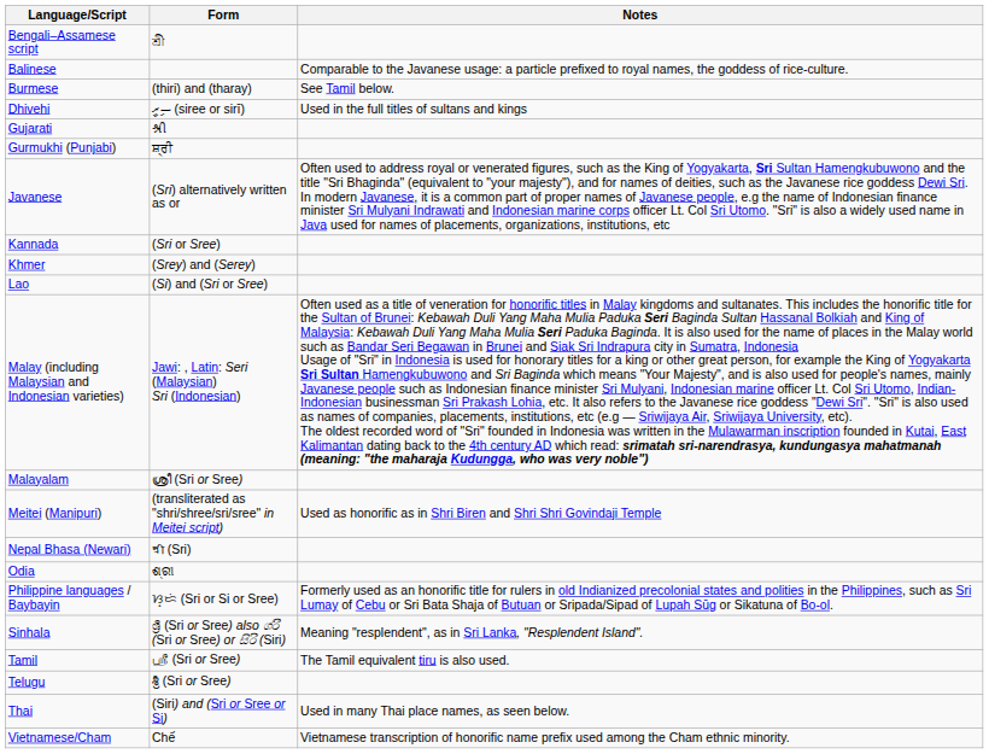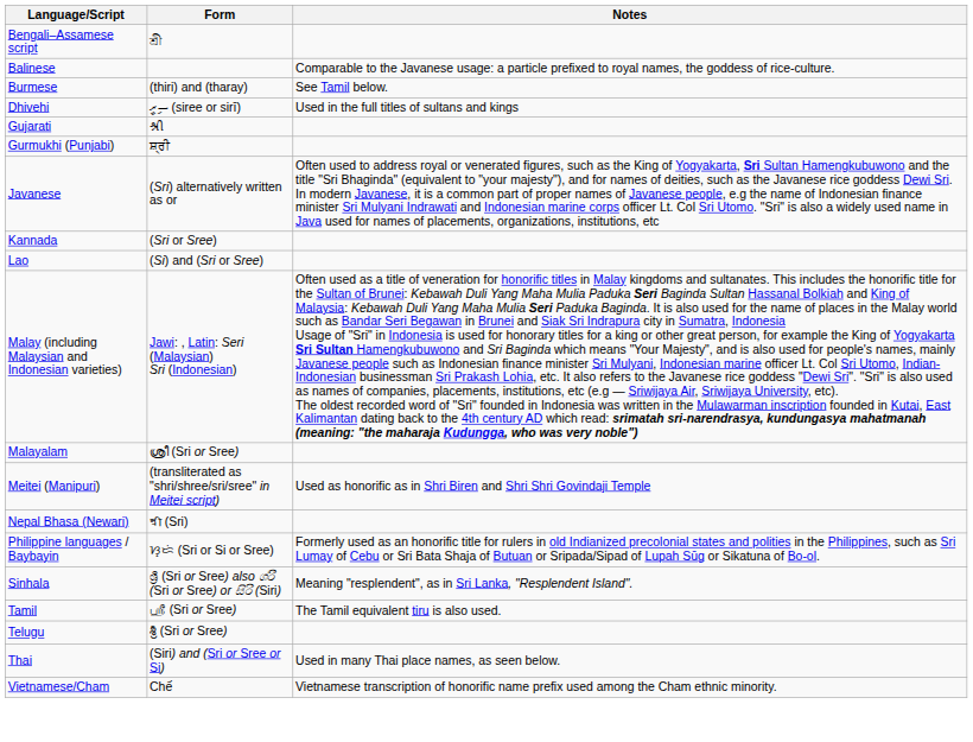 <table class="wikitable">
 <tr>
 <th>Language/Script</th>
 <th>Form</th>
 <th>Notes</th>
 </tr>
 <tr>
 <td><a href='#'>Bengali–Assamese script</a></td>
 <td>শ্রী</td>
 <td></td>
 </tr>
 <tr>
 <td><a href='#'>Balinese</a></td>
 <td></td>
 <td>Comparable to the Javanese usage: a particle prefixed to royal names, the goddess of rice-culture.</td>
 </tr>
 <tr>
 <td><a href='#'>Burmese</a></td>
 <td> (thiri) and  (tharay)</td>
 <td>See <a href='#'>Tamil</a> below.</td>
 </tr>
 <tr>
 <td><a href='#'>Dhivehi</a></td>
 <td>ސިރީ (siree or sirī)</td>
 <td>Used in the full titles of sultans and kings</td>
 </tr>
 <tr>
 <td><a href='#'>Gujarati</a></td>
 <td>શ્રી</td>
 <td></td>
 </tr>
 <tr>
 <td><a href='#'>Gurmukhi</a>  (<a href='#'>Punjabi</a>)</td>
 <td>ਸ਼੍ਰੀ</td>
 <td></td>
 </tr>
 <tr>
 <td><a href='#'>Javanese</a></td>
 <td> (<em>Sri</em>) alternatively written as  or </td>
 <td>Often used to address royal or venerated figures, such as the King of <a href='#'>Yogyakarta</a>, <a href='#'><strong>Sri</strong> Sultan Hamengkubuwono</a> and the title "Sri Bhaginda" (equivalent to "your majesty"), and for names of deities, such as the Javanese rice goddess <a href='#'>Dewi Sri</a>. In modern <a href='#'>Javanese</a>, it is a common part of proper names of <a href='#'>Javanese people</a>, e.g the name of Indonesian finance minister <a href='#'>Sri Mulyani Indrawati</a> and <a href='#'>Indonesian marine corps</a> officer Lt. Col <a href='#'>Sri Utomo</a>. "Sri" is also a widely used name in <a href='#'>Java</a> used for names of placements, organizations, institutions, etc</td>
 </tr>
 <tr>
 <td><a href='#'>Kannada</a></td>
 <td> (<em>Sri</em> or <em>Sree</em>)</td>
 <td></td>
 </tr>
 <tr>
-<td><a href='#'>Khmer</a></td>
-<td> (<em>Srey</em>) and   (<em>Serey</em>)</td>
-<td></td>
-</tr>
-<tr>
 <td><a href='#'>Lao</a></td>
 <td> (<em>Si</em>) and   (<em>Sri</em> or <em>Sree</em>)</td>
 <td></td>
 </tr>
 <tr>
 <td><a href='#'>Malay</a> (including <a href='#'>Malaysian</a> and <a href='#'>Indonesian</a> varieties)</td>
 <td><a href='#'>Jawi</a>: , <a href='#'>Latin</a>: <em>Seri</em> (<a href='#'>Malaysian</a>)<br><em>Sri</em> (<a href='#'>Indonesian</a>)</td>
 <td>Often used as a title of veneration for <a href='#'>honorific titles</a> in <a href='#'>Malay</a> kingdoms and sultanates. This includes the honorific title for the <a href='#'>Sultan of Brunei</a>: <em>Kebawah Duli Yang Maha Mulia Paduka <strong>Seri</strong> Baginda Sultan</em> <a href='#'>Hassanal Bolkiah</a> and <a href='#'>King of Malaysia</a>: <em>Kebawah Duli Yang Maha Mulia <strong>Seri</strong> Paduka Baginda</em>. It is also used for the name of places in the Malay world such as <a href='#'>Bandar Seri Begawan</a> in <a href='#'>Brunei</a> and <a href='#'>Siak Sri Indrapura</a> city in <a href='#'>Sumatra</a>, <a href='#'>Indonesia</a><br>Usage of "Sri" in <a href='#'>Indonesia</a> is used for honorary titles for a king or other great person, for example the King of <a href='#'>Yogyakarta</a> <a href='#'><strong>Sri Sultan</strong> Hamengkubuwono</a> and <em>Sri Baginda</em> which means "Your Majesty", and is also used for people's names, mainly <a href='#'>Javanese people</a> such as Indonesian finance minister <a href='#'>Sri Mulyani</a>, <a href='#'>Indonesian marine</a> officer Lt. Col <a href='#'>Sri Utomo</a>, <a href='#'>Indian-Indonesian</a> businessman <a href='#'>Sri Prakash Lohia</a>, etc. It also refers to the Javanese rice goddess "<a href='#'>Dewi Sri</a>". "Sri" is also used as names of companies, placements, institutions, etc (e.g — <a href='#'>Sriwijaya Air</a>, <a href='#'>Sriwijaya University</a>, etc).<br>  The oldest recorded word of "Sri" founded in Indonesia was written in the <a href='#'>Mulawarman inscription</a> founded in <a href='#'>Kutai</a>, <a href='#'>East Kalimantan</a> dating back to the <a href='#'>4th century AD</a> which read: <strong><em>sri<strong>matah </strong>sri<strong>-narendrasya, kundungasya mahatmanah<em> (meaning: </em>"the maharaja <a href='#'>Kudungga</a>, who was very noble"<em>)</td>
 </tr>
 <tr>
 <td><a href='#'>Malayalam</a></td>
 <td>ശ്രീ (</em>Sri<em> or </em>Sree<em>)</td>
 <td></td>
 </tr>
 <tr>
 <td><a href='#'>Meitei</a> (<a href='#'>Manipuri</a>)</td>
 <td> (transliterated as </em>"shri/shree/sri/sree"<em> in <a href='#'>Meitei script</a>)</td>
 <td>Used as honorific as in <a href='#'>Shri Biren</a> and <a href='#'>Shri Shri Govindaji Temple</a></td>
 </tr>
 <tr>
 <td><a href='#'>Nepal Bhasa (Newari)</a></td>
 <td>𑐱𑑂𑐬𑐷 (Sri)</td>
-<td></td>
-</tr>
-<tr>
-<td><a href='#'>Odia</a></td>
-<td>ଶ୍ରୀ</td>
 <td></td>
 </tr>
 <tr>
 <td><a href='#'>Philippine languages</a> / <a href='#'>Baybayin</a></td>
 <td>ᜐ᜔ᜇᜒ (Sri or Si or Sree)</td>
 <td>Formerly used as an honorific title for rulers in <a href='#'>old Indianized precolonial states and polities</a> in the <a href='#'>Philippines</a>, such as <a href='#'>Sri Lumay</a> of <a href='#'>Cebu</a> or Sri Bata Shaja of <a href='#'>Butuan</a> or Sripada/Sipad of <a href='#'>Lupah Sūg</a> or Sikatuna of <a href='#'>Bo-ol</a>.</td>
 </tr>
 <tr>
 <td><a href='#'>Sinhala</a></td>
 <td>ශ්‍රී (</em>Sri<em> or </em>Sree<em>) also ශ්රී (</em>Sri<em> or </em>Sree<em>) or සිරි (</em>Siri<em>)</td>
 <td>Meaning "resplendent", as in </em><a href='#'>Sri Lanka</a><em>, "Resplendent Island".</td>
 </tr>
 <tr>
 <td><a href='#'>Tamil</a></td>
 <td>ஸ்ரீ (</em>Sri<em> or </em>Sree<em>)</td>
 <td>The Tamil equivalent <a href='#'>tiru</a> is also used.</td>
 </tr>
 <tr>
 <td><a href='#'>Telugu</a></td>
 <td>శ్రీ (</em>Sri<em> or </em>Sree<em>)</td>
 <td></td>
 </tr>
 <tr>
 <td><a href='#'>Thai</a></td>
 <td> (</em>Siri<em>) and   (<a href='#'></em>Sri<em> or </em>Sree<em> or </em>Si<em></a>)</td>
 <td>Used in many Thai place names, as seen below.</td>
 </tr>
 <tr>
 <td><a href='#'>Vietnamese/Cham</a></td>
 <td></em>Chế<em></td>
 <td>Vietnamese transcription of honorific name prefix used among the Cham ethnic minority.</td>
 </tr>
 </table>
